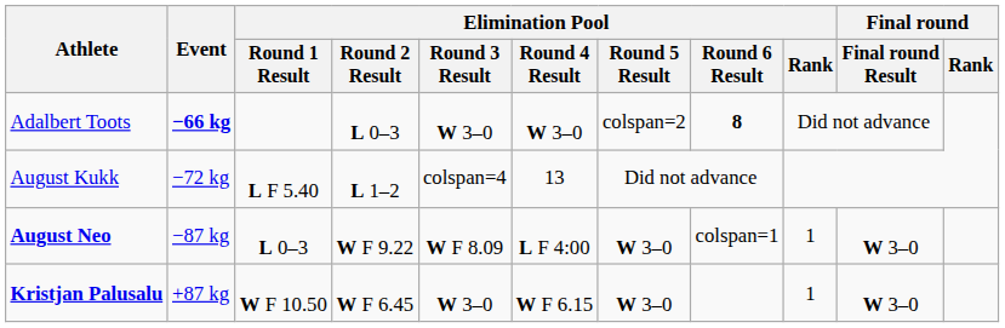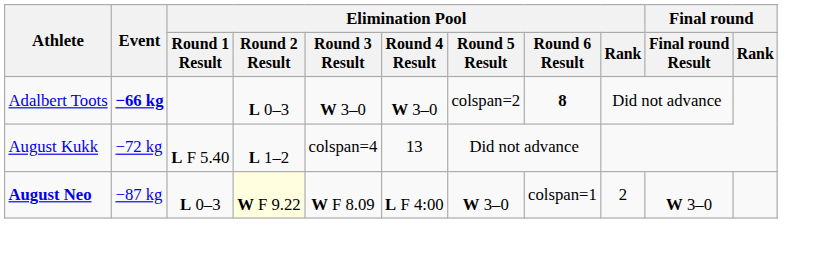 <table class="wikitable" style="font-size:90%">
 <tr>
 <th rowspan="2">Athlete</th>
 <th rowspan="2">Event</th>
 <th colspan=7>Elimination Pool</th>
 <th colspan=2>Final round</th>
 </tr>
 <tr style="font-size: 95%">
 <th>Round 1<br>Result</th>
 <th>Round 2<br>Result</th>
 <th>Round 3<br>Result</th>
 <th>Round 4<br>Result</th>
 <th>Round 5<br>Result</th>
 <th>Round 6<br>Result</th>
 <th>Rank</th>
 <th>Final round<br>Result</th>
 <th>Rank</th>
 </tr>
 <tr align=center>
 <td align=left><a href='#'>Adalbert Toots</a></td>
 <td align=left><strong><a href='#'>−66 kg</a></strong></td>
 <td></td>
 <td><br><strong>L</strong> 0–3</td>
 <td><br><strong>W</strong> 3–0</td>
 <td><br><strong>W</strong> 3–0</td>
 <td>colspan=2 </td>
 <td><strong>8</strong></td>
 <td colspan=2>Did not advance</td>
 </tr>
 <tr align=center>
 <td align=left><a href='#'>August Kukk</a></td>
 <td align=left><a href='#'>−72 kg</a></td>
 <td><br><strong>L</strong> F 5.40</td>
 <td><br><strong>L</strong> 1–2</td>
 <td>colspan=4 </td>
 <td>13</td>
 <td colspan=2>Did not advance</td>
 </tr>
 <tr align=center>
 <td align=left><strong><a href='#'>August Neo</a></strong></td>
 <td align=left><a href='#'>−87 kg</a></td>
 <td><br><strong>L</strong> 0–3</td>
-<td><br><strong>W</strong> F 9.22</td>
+<td style="background: lightyellow;"><br><strong>W</strong> F 9.22</td>
 <td><br><strong>W</strong> F 8.09</td>
 <td><br><strong>L</strong> F 4:00</td>
 <td><br><strong>W</strong> 3–0</td>
 <td>colspan=1 </td>
-<td>1</td>
-<td><br><strong>W</strong> 3–0</td>
-<td></td>
-</tr>
-<tr align=center>
-<td align=left><strong><a href='#'>Kristjan Palusalu</a></strong></td>
-<td align=left><a href='#'>+87 kg</a></td>
-<td><br><strong>W</strong> F 10.50</td>
-<td><br><strong>W</strong> F 6.45</td>
-<td><br><strong>W</strong> 3–0</td>
-<td><br><strong>W</strong> F 6.15</td>
-<td><br><strong>W</strong> 3–0</td>
-<td></td>
-<td>1</td>
+<td>2</td>
 <td><br><strong>W</strong> 3–0</td>
 <td></td>
 </tr>
 </table>
